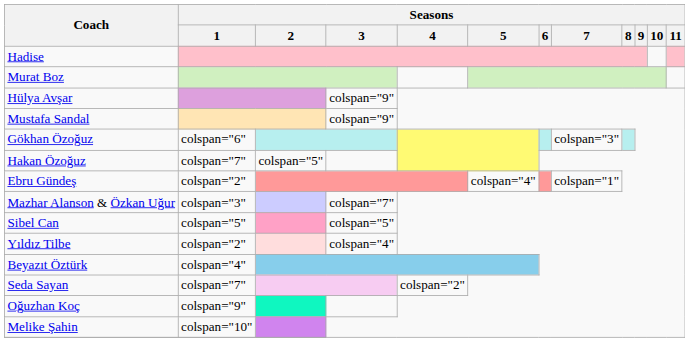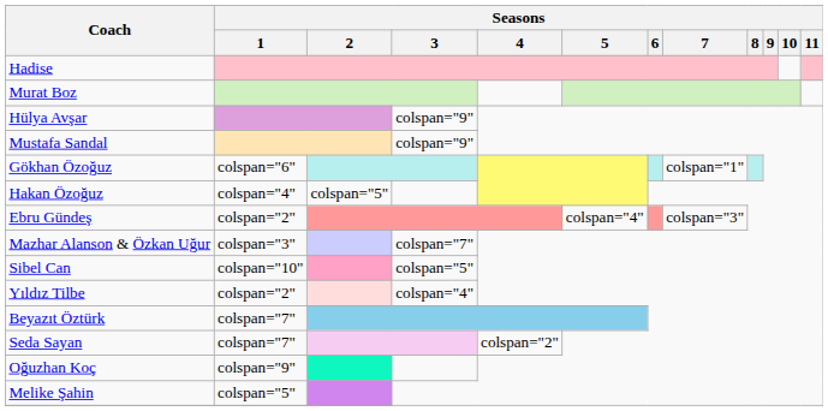 <table class="wikitable" width="80%">
 <tr>
 <th rowspan="2" width="135">Coach</th>
 <th colspan="12">Seasons</th>
 </tr>
 <tr>
 <th width="40">1</th>
 <th width="40">2</th>
 <th width="40">3</th>
 <th width="40">4</th>
 <th width="40">5</th>
 <th width="40">6</th>
 <th width="40">7</th>
 <th width="40">8</th>
 <th width="40">9</th>
 <th width="40">10</th>
 <th width="40">11</th>
 </tr>
 <tr>
 <td><a href='#'>Hadise</a></td>
 <td colspan="9" style="background:pink"></td>
 <td></td>
 <td style="background:pink"></td>
 </tr>
 <tr>
 <td><a href='#'>Murat Boz</a></td>
 <td colspan="3" style="background:#d0f0c0"></td>
 <td></td>
 <td colspan="6" style="background:#d0f0c0"></td>
 <td></td>
 </tr>
 <tr>
 <td><a href='#'>Hülya Avşar</a></td>
 <td colspan="2" style="background:#dda0dd"></td>
 <td>colspan="9" </td>
 </tr>
 <tr>
 <td><a href='#'>Mustafa Sandal</a></td>
 <td colspan="2" style="background:#ffe5b4"></td>
 <td>colspan="9" </td>
 </tr>
 <tr>
 <td><a href='#'>Gökhan Özoğuz</a></td>
 <td>colspan="6" </td>
 <td colspan="2" style="background:#b7efef"></td>
 <td colspan="2" rowspan="2" style="background:#fffa73"></td>
 <td style="background:#b7efef"></td>
-<td>colspan="3" </td>
+<td>colspan="1" </td>
 <td style="background:#b7efef"></td>
 </tr>
 <tr>
 <td><a href='#'>Hakan Özoğuz</a></td>
-<td>colspan="7" </td>
+<td>colspan="4" </td>
 <td>colspan="5" </td>
 </tr>
 <tr>
 <td><a href='#'>Ebru Gündeş</a></td>
 <td>colspan="2" </td>
 <td colspan="3" style="background:#ff9999"></td>
 <td>colspan="4" </td>
 <td colspan="1" style="background:#ff9999"></td>
-<td>colspan="1" </td>
+<td>colspan="3" </td>
 </tr>
 <tr>
 <td nowrap><a href='#'>Mazhar Alanson</a> & <a href='#'>Özkan Uğur</a></td>
 <td>colspan="3" </td>
 <td style="background:#ccf"></td>
 <td>colspan="7" </td>
 </tr>
 <tr>
 <td><a href='#'>Sibel Can</a></td>
-<td>colspan="5" </td>
+<td>colspan="10" </td>
 <td style="background:#ffa1c6"></td>
 <td>colspan="5" </td>
 </tr>
 <tr>
 <td><a href='#'>Yıldız Tilbe</a></td>
 <td>colspan="2" </td>
 <td style="background:#ffdddd"></td>
 <td>colspan="4" </td>
 </tr>
 <tr>
 <td><a href='#'>Beyazıt Öztürk</a></td>
-<td>colspan="4" </td>
+<td>colspan="7" </td>
 <td colspan="4" style="background:#87ceeb"></td>
 </tr>
 <tr>
 <td><a href='#'>Seda Sayan</a></td>
 <td>colspan="7" </td>
 <td colspan="2" style="background:#f7ccf2"></td>
 <td>colspan="2" </td>
 </tr>
 <tr>
 <td><a href='#'>Oğuzhan Koç</a></td>
 <td>colspan="9" </td>
 <td colspan="1" style="background:#0ff7c0"></td>
 <td></td>
 </tr>
 <tr>
 <td><a href='#'>Melike Şahin</a></td>
-<td>colspan="10" </td>
+<td>colspan="5" </td>
 <td colspan="1" style="background:#d084ee"></td>
 </tr>
 <tr>
 </tr>
 </table>
